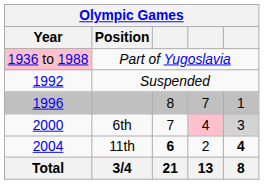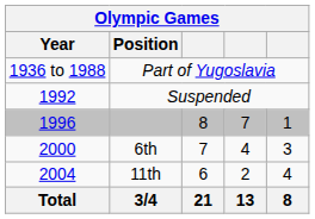 <table class="wikitable" style="text-align: center;font-size:90%;">
 <tr>
 <th colspan=5><a href='#'>Olympic Games</a></th>
 </tr>
 <tr>
 <th>Year</th>
 <th>Position</th>
 <th width=30></th>
 <th width=30></th>
 <th width=30></th>
 </tr>
 <tr>
-<td style="background: pink;"><a href='#'>1936</a> to <a href='#'>1988</a></td>
+<td><a href='#'>1936</a> to <a href='#'>1988</a></td>
 <td colspan=4><em>Part of <a href='#'>Yugoslavia</a></em></td>
 </tr>
 <tr>
 <td> <a href='#'>1992</a></td>
 <td colspan=4><em>Suspended</em></td>
 </tr>
 <tr>
 <td style="background:silver;"> <a href='#'>1996</a></td>
 <td style="background:silver;"></td>
 <td style="background:silver;">8</td>
 <td style="background:silver;">7</td>
 <td style="background:silver;">1</td>
 </tr>
 <tr>
 <td> <a href='#'>2000</a></td>
 <td>6th</td>
 <td>7</td>
-<td style="background: pink;">4</td>
-<td style="background: lightgrey;">3</td>
+<td>4</td>
+<td>3</td>
 </tr>
 <tr>
 <td> <a href='#'>2004</a></td>
 <td>11th</td>
-<td><strong>6</strong></td>
+<td>6</td>
 <td>2</td>
-<td><strong>4</strong></td>
+<td>4</td>
 </tr>
 <tr>
 <th>Total</th>
 <th>3/4</th>
 <th>21</th>
 <th>13</th>
 <th>8</th>
 </tr>
 </table>
